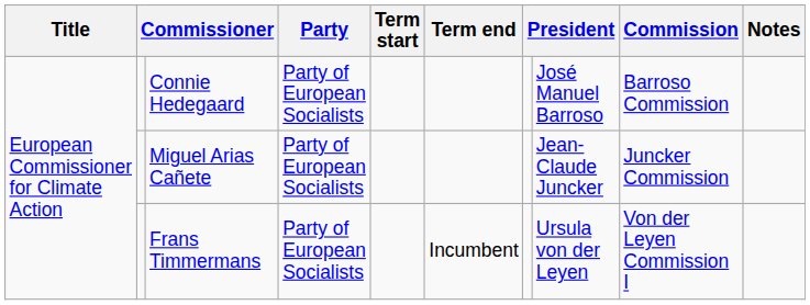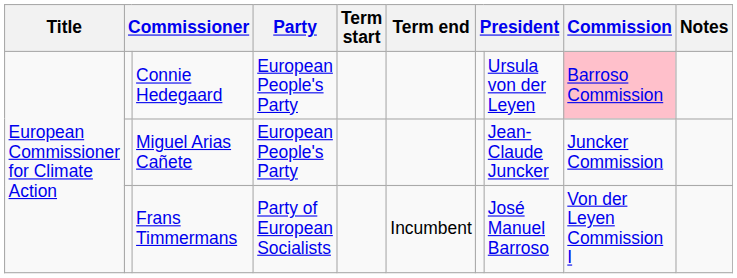 <table class="wikitable sortable">
 <tr>
 <th>Title</th>
 <th colspan=2><a href='#'>Commissioner</a></th>
 <th><a href='#'>Party</a></th>
 <th>Term start</th>
 <th>Term end</th>
 <th colspan=2><a href='#'>President</a></th>
 <th><a href='#'>Commission</a></th>
 <th class="unsortable">Notes</th>
 </tr>
 <tr>
 <td rowspan=3><a href='#'>European Commissioner for Climate Action</a></td>
 <td style="color:inherit;background:"></td>
 <td><a href='#'>Connie Hedegaard</a></td>
-<td><a href='#'>Party of European Socialists</a></td>
+<td><a href='#'>European People's Party</a></td>
 <td></td>
 <td></td>
 <td style="color:inherit;background:"></td>
-<td><a href='#'>José Manuel Barroso</a></td>
-<td><a href='#'>Barroso Commission</a></td>
+<td><a href='#'>Ursula von der Leyen</a></td>
+<td style="background: pink;"><a href='#'>Barroso Commission</a></td>
 <td></td>
 </tr>
 <tr>
 <td style="color:inherit;background:"></td>
 <td><a href='#'>Miguel Arias Cañete</a></td>
-<td><a href='#'>Party of European Socialists</a></td>
+<td><a href='#'>European People's Party</a></td>
 <td></td>
 <td></td>
 <td style="color:inherit;background:"></td>
 <td><a href='#'>Jean-Claude Juncker</a></td>
 <td><a href='#'>Juncker Commission</a></td>
 <td></td>
 </tr>
 <tr>
 <td style="color:inherit;background:"></td>
 <td><a href='#'>Frans Timmermans</a></td>
 <td><a href='#'>Party of European Socialists</a></td>
 <td></td>
 <td>Incumbent</td>
 <td style="color:inherit;background:"></td>
-<td><a href='#'>Ursula von der Leyen</a></td>
+<td><a href='#'>José Manuel Barroso</a></td>
 <td><a href='#'>Von der Leyen Commission I</a></td>
 <td></td>
 </tr>
 </table>
